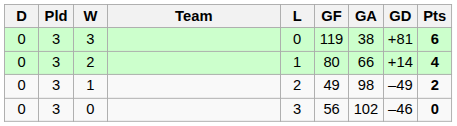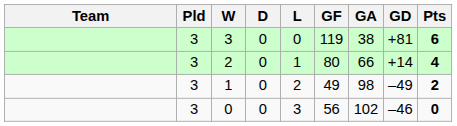 <table class="wikitable" style="text-align: center;">
 <tr>
-<th width="30">D</th>
+<th width="180">Team</th>
 <th width="30">Pld</th>
 <th width="30">W</th>
-<th width="180">Team</th>
+<th width="30">D</th>
 <th width="30">L</th>
 <th width="30">GF</th>
 <th width="30">GA</th>
 <th width="30">GD</th>
 <th width="30">Pts</th>
 </tr>
 <tr bgcolor=#CCFFCC>
-<td>0</td>
+<td align="left"></td>
 <td>3</td>
 <td>3</td>
-<td align="left"></td>
+<td>0</td>
 <td>0</td>
 <td>119</td>
 <td>38</td>
 <td>+81</td>
 <td><strong>6</strong></td>
 </tr>
 <tr bgcolor=#CCFFCC>
-<td>0</td>
+<td align="left"></td>
 <td>3</td>
 <td>2</td>
-<td align="left"></td>
+<td>0</td>
 <td>1</td>
 <td>80</td>
 <td>66</td>
 <td>+14</td>
 <td><strong>4</strong></td>
 </tr>
 <tr>
-<td>0</td>
+<td align="left"></td>
 <td>3</td>
 <td>1</td>
-<td align="left"></td>
+<td>0</td>
 <td>2</td>
 <td>49</td>
 <td>98</td>
 <td>–49</td>
 <td><strong>2</strong></td>
 </tr>
 <tr>
-<td>0</td>
+<td align="left"></td>
 <td>3</td>
 <td>0</td>
-<td align="left"></td>
+<td>0</td>
 <td>3</td>
 <td>56</td>
 <td>102</td>
 <td>–46</td>
 <td><strong>0</strong></td>
 </tr>
 </table>
